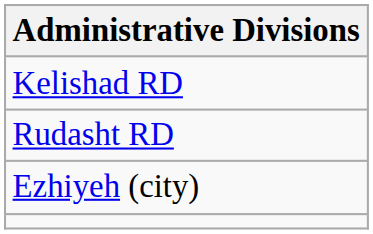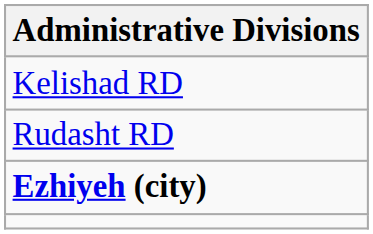 <table class="wikitable">
 <tr>
 <th>Administrative Divisions</th>
 </tr>
 <tr>
 <td><a href='#'>Kelishad RD</a></td>
 </tr>
 <tr>
 <td><a href='#'>Rudasht RD</a></td>
 </tr>
 <tr>
-<td><a href='#'>Ezhiyeh</a> (city)</td>
+<td><strong><a href='#'>Ezhiyeh</a> (city)</strong></td>
 </tr>
 <tr>
 <td colspan=1></td>
 </tr>
 </table>
